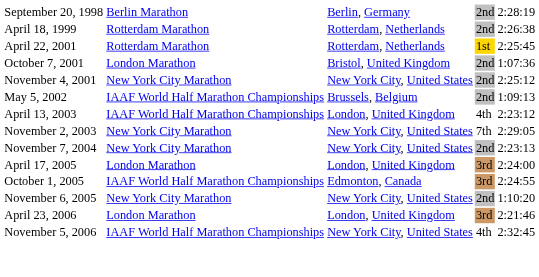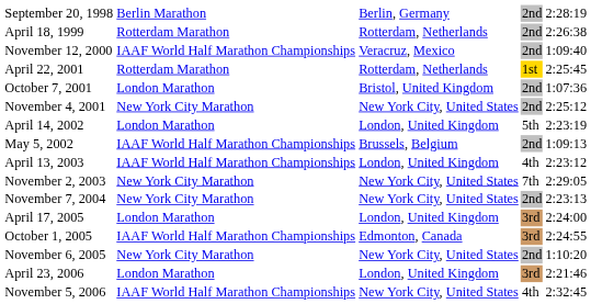 <table>
 <tr>
 <td>September 20, 1998</td>
 <td><a href='#'>Berlin Marathon</a></td>
 <td><a href='#'>Berlin</a>, <a href='#'>Germany</a></td>
 <td bgcolor="silver">2nd</td>
 <td>2:28:19</td>
 </tr>
 <tr>
 <td>April 18, 1999</td>
 <td><a href='#'>Rotterdam Marathon</a></td>
 <td><a href='#'>Rotterdam</a>, <a href='#'>Netherlands</a></td>
 <td bgcolor="silver">2nd</td>
 <td>2:26:38</td>
+</tr>
+<tr>
+<td>November 12, 2000</td>
+<td><a href='#'>IAAF World Half Marathon Championships</a></td>
+<td><a href='#'>Veracruz</a>, <a href='#'>Mexico</a></td>
+<td bgcolor="silver">2nd</td>
+<td>1:09:40</td>
 </tr>
 <tr>
 <td>April 22, 2001</td>
 <td><a href='#'>Rotterdam Marathon</a></td>
 <td><a href='#'>Rotterdam</a>, <a href='#'>Netherlands</a></td>
 <td bgcolor="gold">1st</td>
 <td>2:25:45</td>
 </tr>
 <tr>
 <td>October 7, 2001</td>
 <td><a href='#'>London Marathon</a></td>
 <td><a href='#'>Bristol</a>, <a href='#'>United Kingdom</a></td>
 <td bgcolor="silver">2nd</td>
 <td>1:07:36</td>
 </tr>
 <tr>
 <td>November 4, 2001</td>
 <td><a href='#'>New York City Marathon</a></td>
 <td><a href='#'>New York City</a>, <a href='#'>United States</a></td>
 <td bgcolor="silver">2nd</td>
 <td>2:25:12</td>
+</tr>
+<tr>
+<td>April 14, 2002</td>
+<td><a href='#'>London Marathon</a></td>
+<td><a href='#'>London</a>, <a href='#'>United Kingdom</a></td>
+<td>5th</td>
+<td>2:23:19</td>
 </tr>
 <tr>
 <td>May 5, 2002</td>
 <td><a href='#'>IAAF World Half Marathon Championships</a></td>
 <td><a href='#'>Brussels</a>, <a href='#'>Belgium</a></td>
 <td bgcolor="silver">2nd</td>
 <td>1:09:13</td>
 </tr>
 <tr>
 <td>April 13, 2003</td>
 <td><a href='#'>IAAF World Half Marathon Championships</a></td>
 <td><a href='#'>London</a>, <a href='#'>United Kingdom</a></td>
 <td>4th</td>
 <td>2:23:12</td>
 </tr>
 <tr>
 <td>November 2, 2003</td>
 <td><a href='#'>New York City Marathon</a></td>
 <td><a href='#'>New York City</a>, <a href='#'>United States</a></td>
 <td>7th</td>
 <td>2:29:05</td>
 </tr>
 <tr>
 <td>November 7, 2004</td>
 <td><a href='#'>New York City Marathon</a></td>
 <td><a href='#'>New York City</a>, <a href='#'>United States</a></td>
 <td bgcolor="silver">2nd</td>
 <td>2:23:13</td>
 </tr>
 <tr>
 <td>April 17, 2005</td>
 <td><a href='#'>London Marathon</a></td>
 <td><a href='#'>London</a>, <a href='#'>United Kingdom</a></td>
 <td bgcolor="CC9966">3rd</td>
 <td>2:24:00</td>
 </tr>
 <tr>
 <td>October 1, 2005</td>
 <td><a href='#'>IAAF World Half Marathon Championships</a></td>
 <td><a href='#'>Edmonton</a>, <a href='#'>Canada</a></td>
 <td bgcolor="CC9966">3rd</td>
 <td>2:24:55</td>
 </tr>
 <tr>
 <td>November 6, 2005</td>
 <td><a href='#'>New York City Marathon</a></td>
 <td><a href='#'>New York City</a>, <a href='#'>United States</a></td>
 <td bgcolor="silver">2nd</td>
 <td>1:10:20</td>
 </tr>
 <tr>
 <td>April 23, 2006</td>
 <td><a href='#'>London Marathon</a></td>
 <td><a href='#'>London</a>, <a href='#'>United Kingdom</a></td>
 <td bgcolor="CC9966">3rd</td>
 <td>2:21:46</td>
 </tr>
 <tr>
 <td>November 5, 2006</td>
 <td><a href='#'>IAAF World Half Marathon Championships</a></td>
 <td><a href='#'>New York City</a>, <a href='#'>United States</a></td>
 <td>4th</td>
 <td>2:32:45</td>
 </tr>
 </table>
